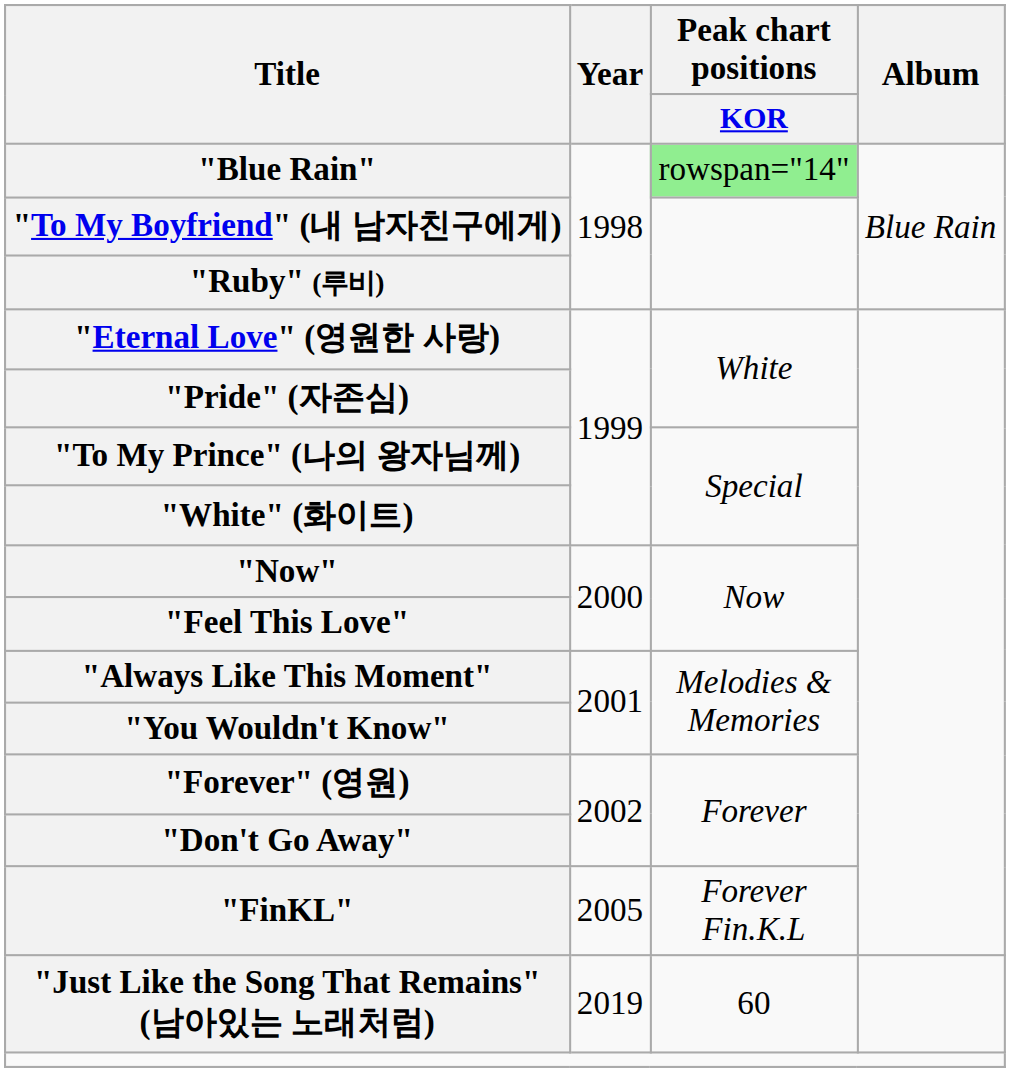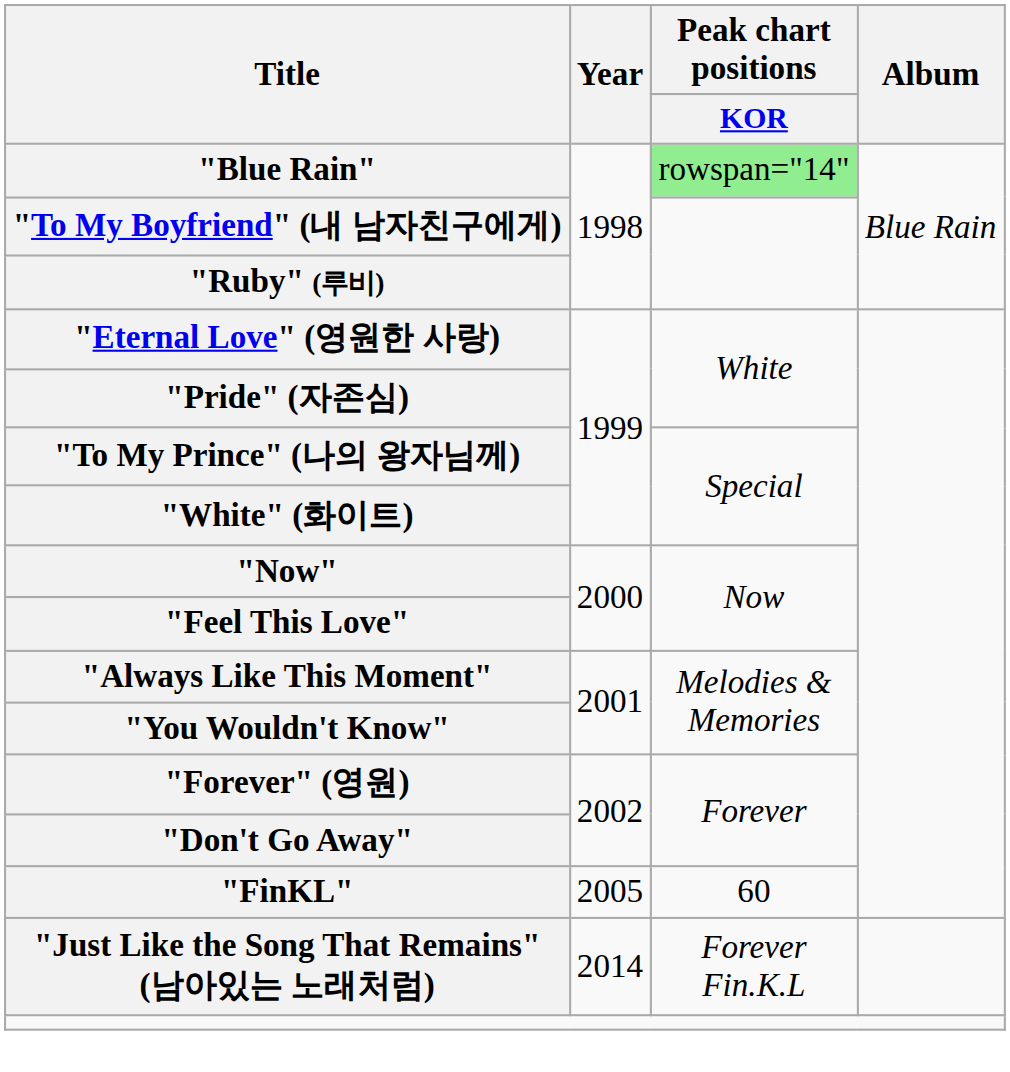 <table class="wikitable plainrowheaders" style="text-align:center;">
 <tr>
 <th rowspan="2">Title</th>
 <th rowspan="2">Year</th>
 <th>Peak chart positions</th>
 <th rowspan="2">Album</th>
 </tr>
 <tr>
 <th scope="col" style="width:3em;font-size:90%;"><a href='#'>KOR</a><br></th>
 </tr>
 <tr>
 <th scope="row">"Blue Rain"</th>
 <td rowspan="3">1998</td>
 <td style="background: lightgreen;">rowspan="14" </td>
 <td rowspan="3"><em>Blue Rain</em></td>
 </tr>
 <tr>
 <th scope="row">"<a href='#'>To My Boyfriend</a>" (내 남자친구에게)</th>
 </tr>
 <tr>
 <th scope="row">"Ruby" <small>(루비)</small></th>
 </tr>
 <tr>
 <th scope="row">"<a href='#'>Eternal Love</a>" (영원한 사랑)</th>
 <td rowspan="4">1999</td>
 <td rowspan="2"><em>White</em></td>
 </tr>
 <tr>
 <th scope="row">"Pride" (자존심)</th>
 </tr>
 <tr>
 <th scope="row">"To My Prince" (나의 왕자님께)</th>
 <td rowspan="2"><em>Special</em></td>
 </tr>
 <tr>
 <th scope="row">"White" (화이트)</th>
 </tr>
 <tr>
 <th scope="row">"Now"</th>
 <td rowspan="2">2000</td>
 <td rowspan="2"><em>Now</em></td>
 </tr>
 <tr>
 <th scope="row">"Feel This Love"</th>
 </tr>
 <tr>
 <th scope="row">"Always Like This Moment"</th>
 <td rowspan="2">2001</td>
 <td rowspan="2"><em>Melodies & Memories</em></td>
 </tr>
 <tr>
 <th scope="row">"You Wouldn't Know"</th>
 </tr>
 <tr>
 <th scope="row">"Forever" (영원)</th>
 <td rowspan="2">2002</td>
 <td rowspan="2"><em>Forever</em></td>
 </tr>
 <tr>
 <th scope="row">"Don't Go Away"</th>
 </tr>
 <tr>
 <th scope="row">"FinKL"</th>
 <td>2005</td>
-<td><em>Forever Fin.K.L</em></td>
+<td>60</td>
 </tr>
 <tr>
 <th scope="row">"Just Like the Song That Remains"<br>(남아있는 노래처럼)</th>
-<td>2019</td>
-<td>60</td>
+<td>2014</td>
+<td><em>Forever Fin.K.L</em></td>
 <td></td>
 </tr>
 <tr>
 <td colspan="4"></td>
 </tr>
 </table>
